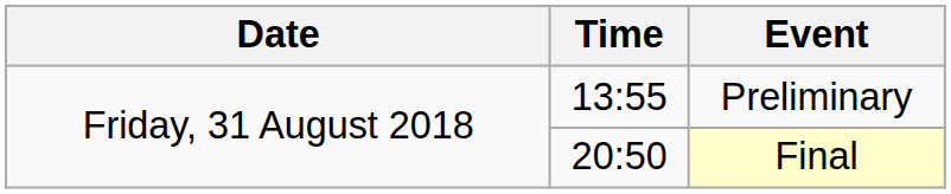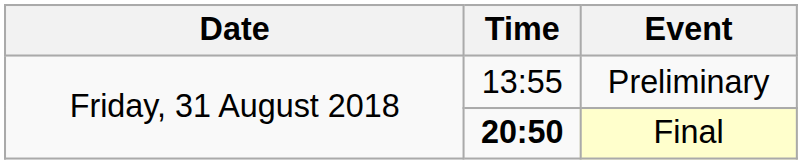 <table class = "wikitable" style="text-align:center;">
 <tr>
 <th width=220>Date</th>
 <th width=50>Time</th>
 <th width=100>Event</th>
 </tr>
 <tr>
 <td rowspan=2>Friday, 31 August 2018</td>
 <td>13:55</td>
 <td>Preliminary</td>
 </tr>
 <tr>
-<td>20:50</td>
+<td><strong>20:50</strong></td>
 <td bgcolor=ffffcc>Final</td>
 </tr>
 </table>
